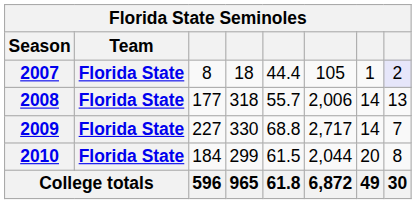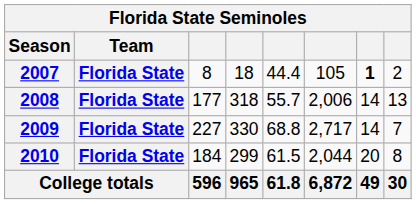 <table class="wikitable" style="text-align:center;">
 <tr>
 <th colspan="8">Florida State Seminoles</th>
 </tr>
 <tr>
 <th>Season</th>
 <th>Team</th>
 <th></th>
 <th></th>
 <th></th>
 <th></th>
 <th></th>
 <th></th>
 </tr>
 <tr>
 <th><a href='#'>2007</a></th>
 <th><a href='#'>Florida State</a></th>
 <td>8</td>
 <td>18</td>
 <td>44.4</td>
 <td>105</td>
-<td>1</td>
-<td style="background: lavender;">2</td>
+<td><strong>1</strong></td>
+<td>2</td>
 </tr>
 <tr>
 <th><a href='#'>2008</a></th>
 <th><a href='#'>Florida State</a></th>
 <td>177</td>
 <td>318</td>
 <td>55.7</td>
 <td>2,006</td>
 <td>14</td>
 <td>13</td>
 </tr>
 <tr>
 <th><a href='#'>2009</a></th>
 <th><a href='#'>Florida State</a></th>
 <td>227</td>
 <td>330</td>
 <td>68.8</td>
 <td>2,717</td>
 <td>14</td>
 <td>7</td>
 </tr>
 <tr>
 <th><a href='#'>2010</a></th>
 <th><a href='#'>Florida State</a></th>
 <td>184</td>
 <td>299</td>
 <td>61.5</td>
 <td>2,044</td>
 <td>20</td>
 <td>8</td>
 </tr>
 <tr>
 <th colspan="2">College totals</th>
 <th>596</th>
 <th>965</th>
 <th>61.8</th>
 <th>6,872</th>
 <th>49</th>
 <th>30</th>
 </tr>
 </table>
